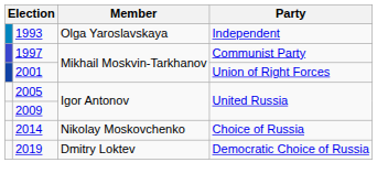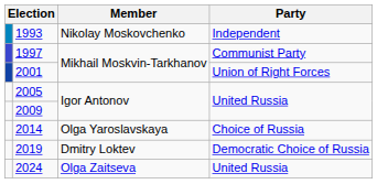 <table class="wikitable">
 <tr>
 <th colspan="2">Election</th>
 <th>Member</th>
 <th>Party</th>
 </tr>
 <tr>
 <td style="background-color:#0085BE"></td>
 <td><a href='#'>1993</a></td>
-<td>Olga Yaroslavskaya</td>
+<td>Nikolay Moskovchenko</td>
 <td><a href='#'>Independent</a></td>
 </tr>
 <tr>
 <td style="background-color:#3A46CE"></td>
 <td><a href='#'>1997</a></td>
 <td rowspan=2>Mikhail Moskvin-Tarkhanov</td>
 <td><a href='#'>Communist Party</a></td>
 </tr>
 <tr>
 <td style="background-color:#1042A5"></td>
 <td><a href='#'>2001</a></td>
 <td><a href='#'>Union of Right Forces</a></td>
 </tr>
 <tr>
 <td style="background-color:"></td>
 <td><a href='#'>2005</a></td>
 <td rowspan=2>Igor Antonov</td>
 <td rowspan=2><a href='#'>United Russia</a></td>
 </tr>
 <tr>
 <td style="background-color:"></td>
 <td><a href='#'>2009</a></td>
 </tr>
 <tr>
 <td style="background-color:"></td>
 <td><a href='#'>2014</a></td>
-<td>Nikolay Moskovchenko</td>
+<td>Olga Yaroslavskaya</td>
 <td><a href='#'>Choice of Russia</a></td>
 </tr>
 <tr>
 <td style="background-color:"></td>
 <td><a href='#'>2019</a></td>
 <td>Dmitry Loktev</td>
 <td><a href='#'>Democratic Choice of Russia</a></td>
 </tr>
+<tr>
+<td style="background-color:"></td>
+<td><a href='#'>2024</a></td>
+<td><a href='#'>Olga Zaitseva</a></td>
+<td><a href='#'>United Russia</a></td>
+</tr>
 </table>
